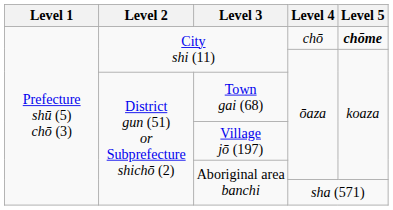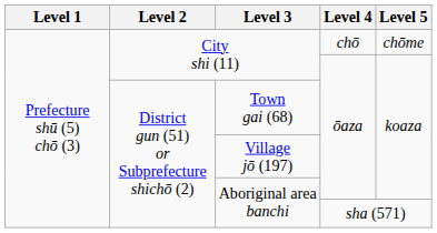 <table class=wikitable style="text-align:center;">
 <tr>
 <th width=100>Level 1</th>
 <th width=100>Level 2</th>
 <th width=100>Level 3</th>
 <th>Level 4</th>
 <th>Level 5</th>
 </tr>
 <tr>
 <td rowspan=6><a href='#'>Prefecture</a><br> <em>shū</em> (5)<br> <em>chō</em> (3)</td>
 <td colspan=2 rowspan=2 height=44><a href='#'>City</a><br> <em>shi</em> (11)</td>
 <td> <em>chō</em></td>
-<td><strong> <em>chōme</em></strong></td>
+<td> <em>chōme</em></td>
 </tr>
 <tr>
 <td rowspan=4 height=132> <em>ōaza</em></td>
 <td rowspan=4> <em>koaza</em></td>
 </tr>
 <tr>
 <td rowspan=4><a href='#'>District</a><br> <em>gun</em> (51)<br><em>or</em><br><a href='#'>Subprefecture</a><br> <em>shichō</em> (2)</td>
 <td><a href='#'>Town</a><br> <em>gai</em> (68)</td>
 </tr>
 <tr>
 <td><a href='#'>Village</a><br> <em>jō</em> (197)</td>
 </tr>
 <tr>
 <td rowspan=2 height=44>Aboriginal area<br> <em>banchi</em></td>
 </tr>
 <tr>
 <td colspan=2 height=22> <em>sha</em> (571)</td>
 </tr>
 </table>
